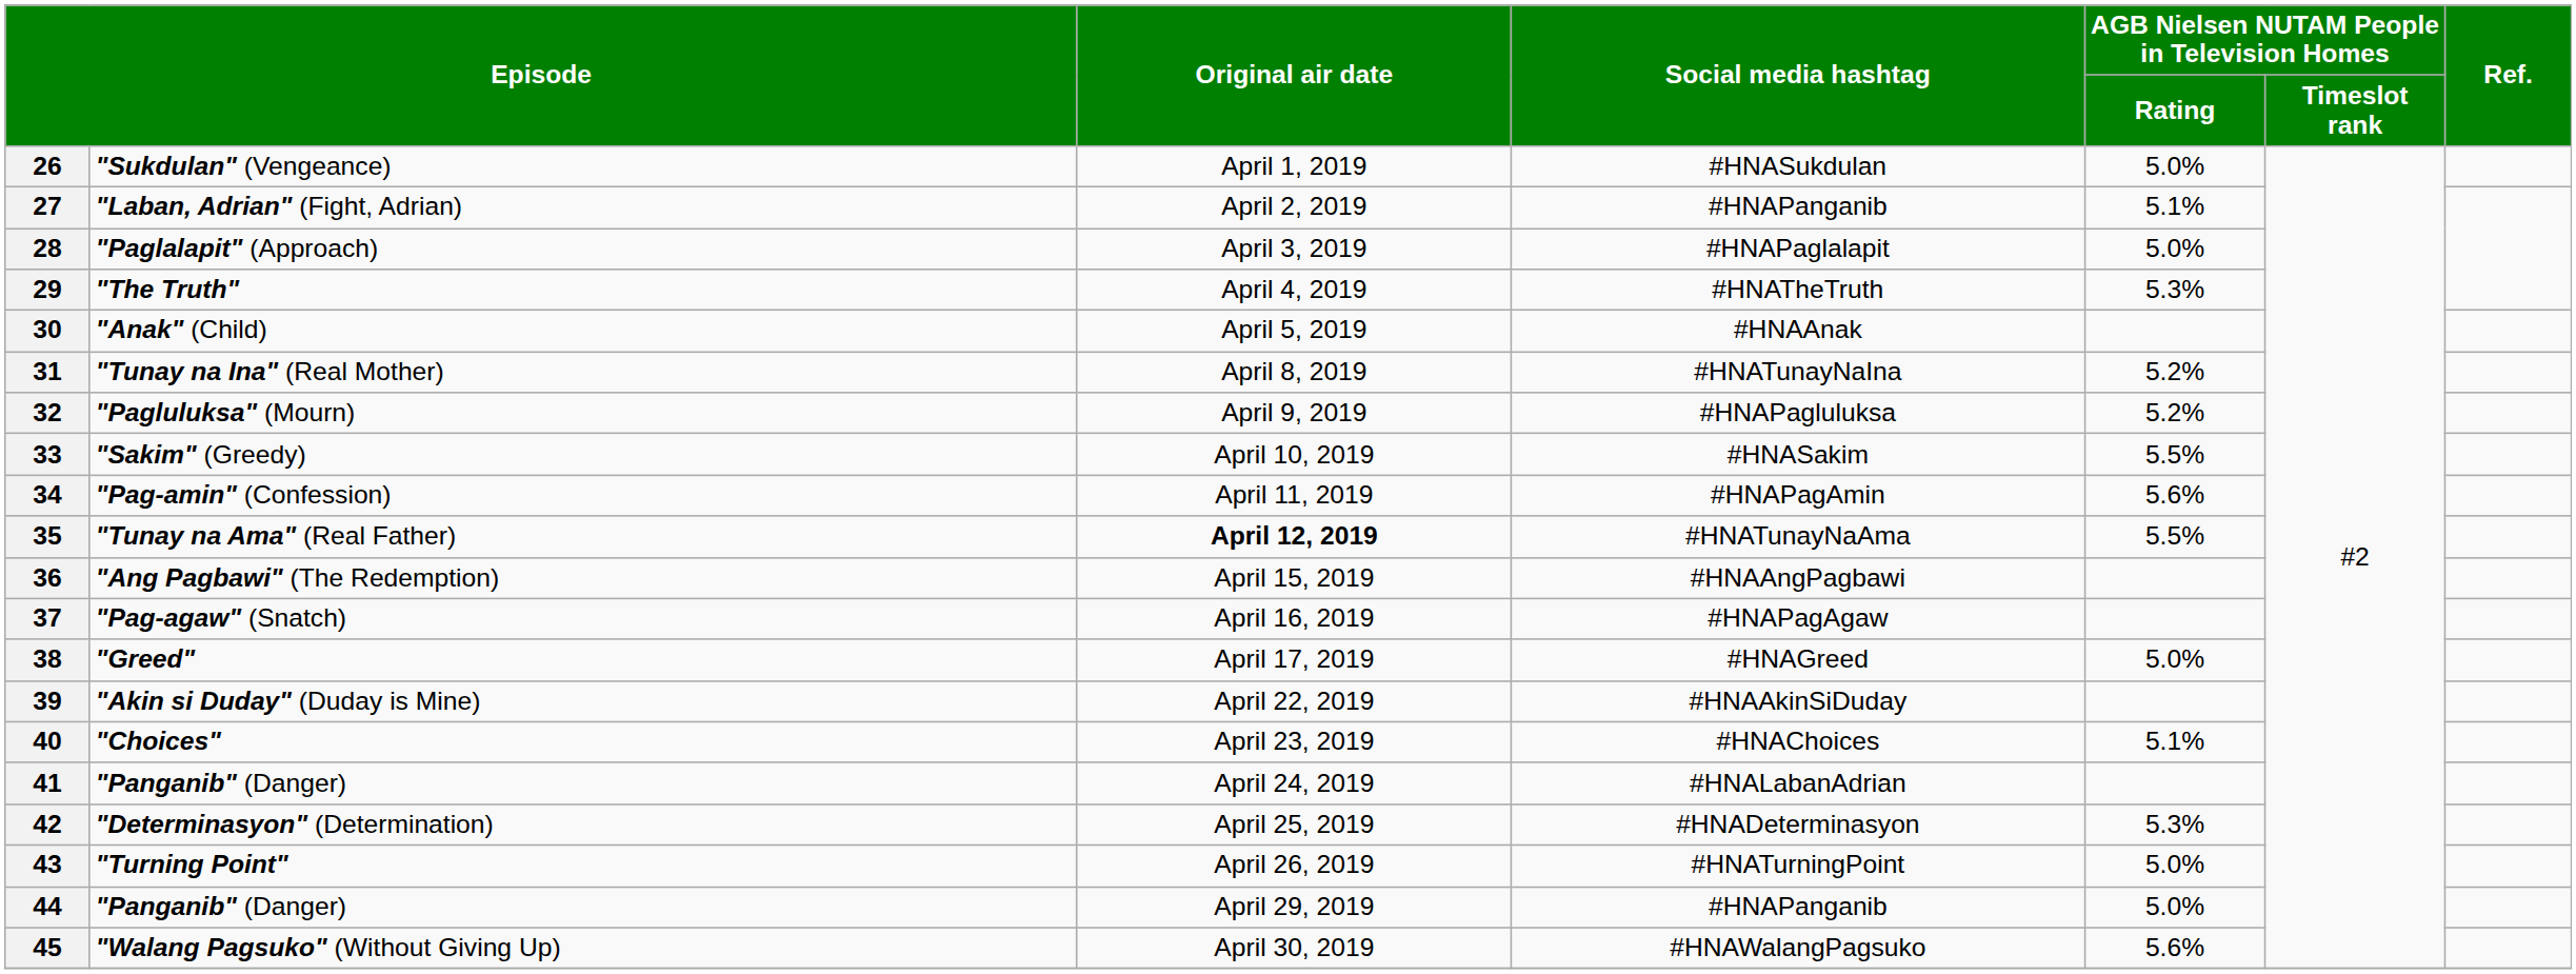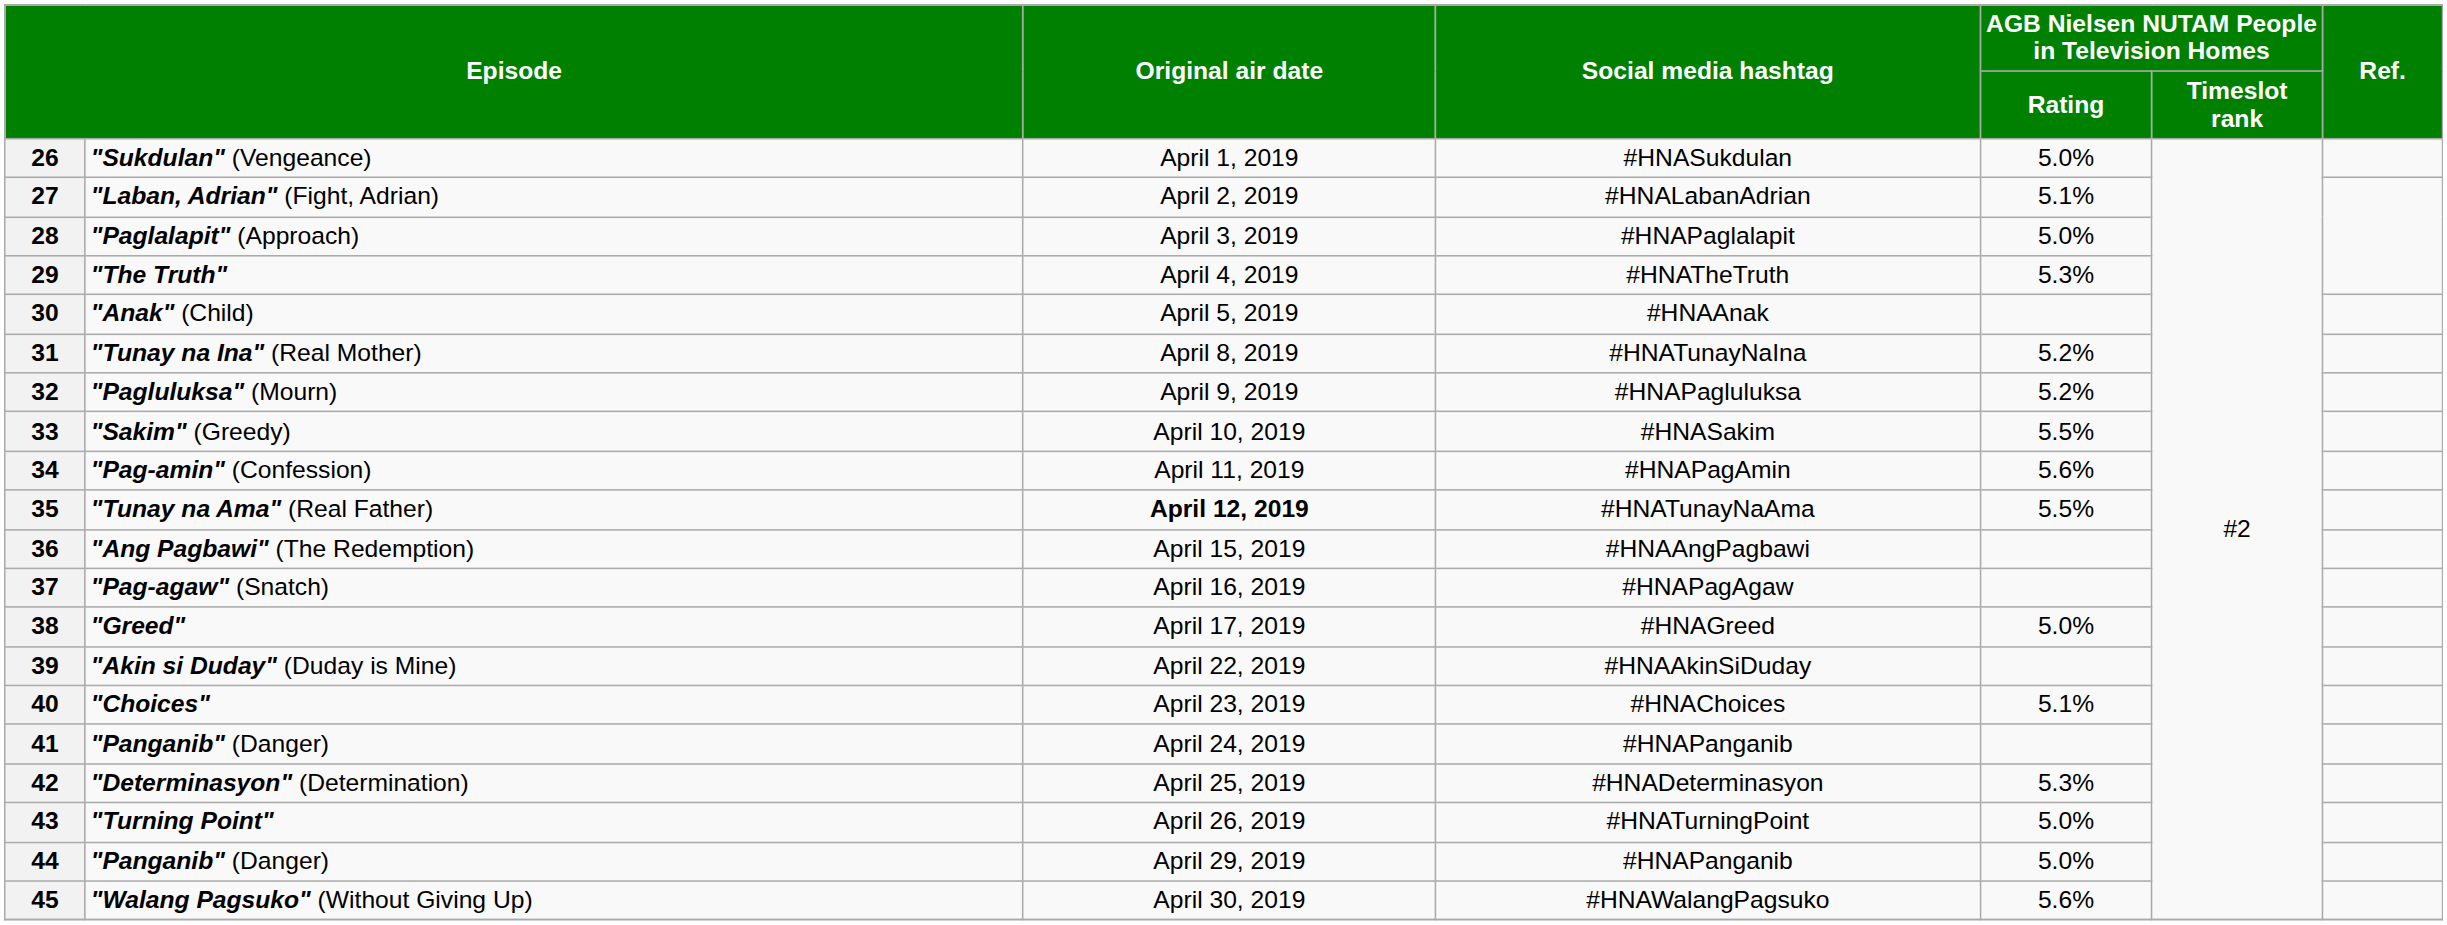 <table class="wikitable" style="text-align:center; font-size:100%; line-height:18px;" width="100%">
 <tr>
 <th style="background-color:#008000; color:#ffffff;" colspan="2" rowspan="2">Episode</th>
 <th style="background-color:#008000; color:white" rowspan="2">Original air date</th>
 <th style="background-color:#008000; color:white" rowspan="2">Social media hashtag</th>
 <th style="background-color:#008000; color:#ffffff;" colspan="2">AGB Nielsen NUTAM People in Television Homes</th>
 <th style="background-color:#008000;  color:#ffffff;" rowspan="2">Ref.</th>
 </tr>
 <tr>
 <th style="background-color:#008000; width:75px; color:#ffffff;">Rating</th>
 <th style="background-color:#008000;  width:75px; color:#ffffff;">Timeslot<br>rank</th>
 </tr>
 <tr>
 <th>26</th>
 <td style="text-align: left;"><strong><em>"Sukdulan"</em></strong> (Vengeance)</td>
 <td>April 1, 2019</td>
 <td>#HNASukdulan</td>
 <td>5.0%</td>
 <td rowspan="20">#2</td>
 <td></td>
 </tr>
 <tr>
 <th>27</th>
 <td style="text-align: left;"><strong><em>"Laban, Adrian"</em></strong> (Fight, Adrian)</td>
 <td>April 2, 2019</td>
-<td>#HNAPanganib</td>
+<td>#HNALabanAdrian</td>
 <td>5.1%</td>
 </tr>
 <tr>
 <th>28</th>
 <td style="text-align: left;"><strong><em>"Paglalapit"</em></strong> (Approach)</td>
 <td>April 3, 2019</td>
 <td>#HNAPaglalapit</td>
 <td>5.0%</td>
 </tr>
 <tr>
 <th>29</th>
 <td style="text-align: left;"><strong><em>"The Truth"</em></strong></td>
 <td>April 4, 2019</td>
 <td>#HNATheTruth</td>
 <td>5.3%</td>
 </tr>
 <tr>
 <th>30</th>
 <td style="text-align: left;"><strong><em>"Anak"</em></strong> (Child)</td>
 <td>April 5, 2019</td>
 <td>#HNAAnak</td>
 <td></td>
 <td></td>
 </tr>
 <tr>
 <th>31</th>
 <td style="text-align: left;"><strong><em>"Tunay na Ina"</em></strong> (Real Mother)</td>
 <td>April 8, 2019</td>
 <td>#HNATunayNaIna</td>
 <td>5.2%</td>
 <td></td>
 </tr>
 <tr>
 <th>32</th>
 <td style="text-align: left;"><strong><em>"Pagluluksa"</em></strong> (Mourn)</td>
 <td>April 9, 2019</td>
 <td>#HNAPagluluksa</td>
 <td>5.2%</td>
 <td></td>
 </tr>
 <tr>
 <th>33</th>
 <td style="text-align: left;"><strong><em>"Sakim"</em></strong> (Greedy)</td>
 <td>April 10, 2019</td>
 <td>#HNASakim</td>
 <td>5.5%</td>
 <td></td>
 </tr>
 <tr>
 <th>34</th>
 <td style="text-align: left;"><strong><em>"Pag-amin"</em></strong> (Confession)</td>
 <td>April 11, 2019</td>
 <td>#HNAPagAmin</td>
 <td>5.6%</td>
 <td></td>
 </tr>
 <tr>
 <th>35</th>
 <td style="text-align: left;"><strong><em>"Tunay na Ama"</em></strong> (Real Father)</td>
 <td><strong>April 12, 2019</strong></td>
 <td>#HNATunayNaAma</td>
 <td>5.5%</td>
 <td></td>
 </tr>
 <tr>
 <th>36</th>
 <td style="text-align: left;"><strong><em>"Ang Pagbawi"</em></strong> (The Redemption)</td>
 <td>April 15, 2019</td>
 <td>#HNAAngPagbawi</td>
 <td></td>
 <td></td>
 </tr>
 <tr>
 <th>37</th>
 <td style="text-align: left;"><strong><em>"Pag-agaw"</em></strong> (Snatch)</td>
 <td>April 16, 2019</td>
 <td>#HNAPagAgaw</td>
 <td></td>
 <td></td>
 </tr>
 <tr>
 <th>38</th>
 <td style="text-align: left;"><strong><em>"Greed"</em></strong></td>
 <td>April 17, 2019</td>
 <td>#HNAGreed</td>
 <td>5.0%</td>
 <td></td>
 </tr>
 <tr>
 <th>39</th>
 <td style="text-align: left;"><strong><em>"Akin si Duday"</em></strong> (Duday is Mine)</td>
 <td>April 22, 2019</td>
 <td>#HNAAkinSiDuday</td>
 <td></td>
 <td></td>
 </tr>
 <tr>
 <th>40</th>
 <td style="text-align: left;"><strong><em>"Choices"</em></strong></td>
 <td>April 23, 2019</td>
 <td>#HNAChoices</td>
 <td>5.1%</td>
 <td></td>
 </tr>
 <tr>
 <th>41</th>
 <td style="text-align: left;"><strong><em>"Panganib"</em></strong> (Danger)</td>
 <td>April 24, 2019</td>
-<td>#HNALabanAdrian</td>
+<td>#HNAPanganib</td>
 <td></td>
 <td></td>
 </tr>
 <tr>
 <th>42</th>
 <td style="text-align: left;"><strong><em>"Determinasyon"</em></strong> (Determination)</td>
 <td>April 25, 2019</td>
 <td>#HNADeterminasyon</td>
 <td>5.3%</td>
 <td></td>
 </tr>
 <tr>
 <th>43</th>
 <td style="text-align: left;"><strong><em>"Turning Point"</em></strong></td>
 <td>April 26, 2019</td>
 <td>#HNATurningPoint</td>
 <td>5.0%</td>
 <td></td>
 </tr>
 <tr>
 <th>44</th>
 <td style="text-align: left;"><strong><em>"Panganib"</em></strong> (Danger)</td>
 <td>April 29, 2019</td>
 <td>#HNAPanganib</td>
 <td>5.0%</td>
 <td></td>
 </tr>
 <tr>
 <th>45</th>
 <td style="text-align: left;"><strong><em>"Walang Pagsuko"</em></strong> (Without Giving Up)</td>
 <td>April 30, 2019</td>
 <td>#HNAWalangPagsuko</td>
 <td>5.6%</td>
 <td></td>
 </tr>
 <tr>
 </tr>
 </table>
